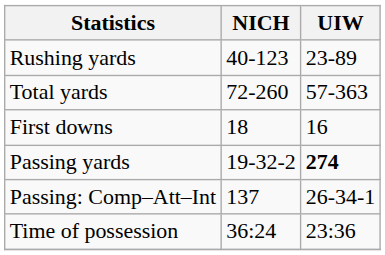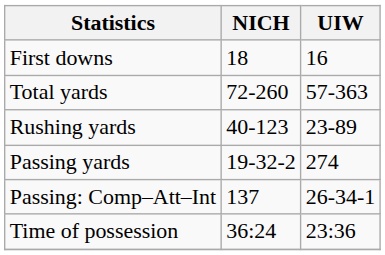 <table class="wikitable" style="float: left;">
 <tr>
 <th>Statistics</th>
 <th>NICH</th>
 <th>UIW</th>
 </tr>
 <tr>
-<td>Rushing yards</td>
-<td>40-123</td>
-<td>23-89</td>
+<td>First downs</td>
+<td>18</td>
+<td>16</td>
 </tr>
 <tr>
 <td>Total yards</td>
 <td>72-260</td>
 <td>57-363</td>
 </tr>
 <tr>
-<td>First downs</td>
-<td>18</td>
-<td>16</td>
+<td>Rushing yards</td>
+<td>40-123</td>
+<td>23-89</td>
 </tr>
 <tr>
 <td>Passing yards</td>
 <td>19-32-2</td>
-<td><strong>274</strong></td>
+<td>274</td>
 </tr>
 <tr>
 <td>Passing: Comp–Att–Int</td>
 <td>137</td>
 <td>26-34-1</td>
 </tr>
 <tr>
 <td>Time of possession</td>
 <td>36:24</td>
 <td>23:36</td>
 </tr>
 <tr>
 </tr>
 </table>
